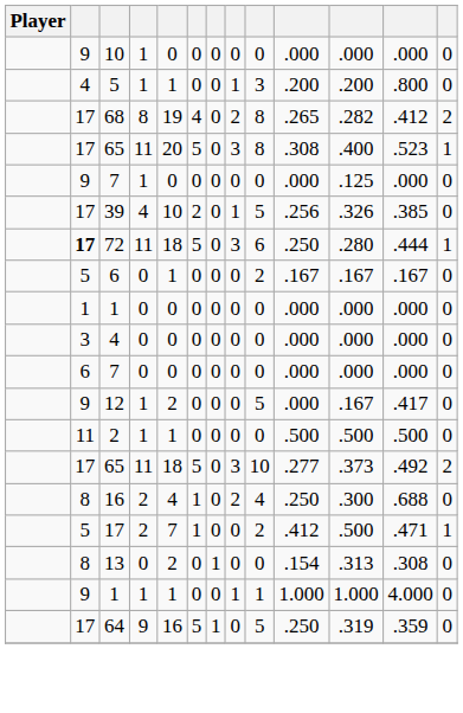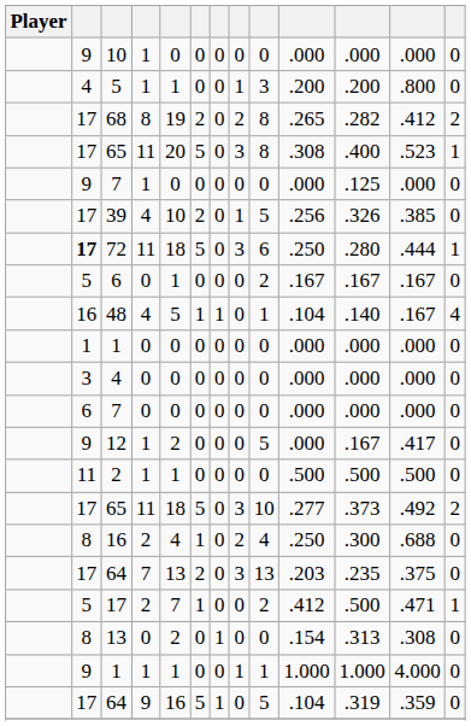 <table class="wikitable sortable" style="text-align:center;">
 <tr>
 <th>Player</th>
 <th></th>
 <th></th>
 <th></th>
 <th></th>
 <th></th>
 <th></th>
 <th></th>
 <th></th>
 <th></th>
 <th></th>
 <th></th>
 <th></th>
 </tr>
 <tr>
 <td align="left"></td>
 <td>9</td>
 <td>10</td>
 <td>1</td>
 <td>0</td>
 <td>0</td>
 <td>0</td>
 <td>0</td>
 <td>0</td>
 <td>.000</td>
 <td>.000</td>
 <td>.000</td>
 <td>0</td>
 </tr>
 <tr>
 <td align="left"></td>
 <td>4</td>
 <td>5</td>
 <td>1</td>
 <td>1</td>
 <td>0</td>
 <td>0</td>
 <td>1</td>
 <td>3</td>
 <td>.200</td>
 <td>.200</td>
 <td>.800</td>
 <td>0</td>
 </tr>
 <tr>
 <td align="left"></td>
 <td>17</td>
 <td>68</td>
 <td>8</td>
 <td>19</td>
-<td>4</td>
+<td>2</td>
 <td>0</td>
 <td>2</td>
 <td>8</td>
 <td>.265</td>
 <td>.282</td>
 <td>.412</td>
 <td>2</td>
 </tr>
 <tr>
 <td align="left"></td>
 <td>17</td>
 <td>65</td>
 <td>11</td>
 <td>20</td>
 <td>5</td>
 <td>0</td>
 <td>3</td>
 <td>8</td>
 <td>.308</td>
 <td>.400</td>
 <td>.523</td>
 <td>1</td>
 </tr>
 <tr>
 <td align="left"></td>
 <td>9</td>
 <td>7</td>
 <td>1</td>
 <td>0</td>
 <td>0</td>
 <td>0</td>
 <td>0</td>
 <td>0</td>
 <td>.000</td>
 <td>.125</td>
 <td>.000</td>
 <td>0</td>
 </tr>
 <tr>
 <td align="left"></td>
 <td>17</td>
 <td>39</td>
 <td>4</td>
 <td>10</td>
 <td>2</td>
 <td>0</td>
 <td>1</td>
 <td>5</td>
 <td>.256</td>
 <td>.326</td>
 <td>.385</td>
 <td>0</td>
 </tr>
 <tr>
 <td align="left"></td>
 <td><strong>17</strong></td>
 <td>72</td>
 <td>11</td>
 <td>18</td>
 <td>5</td>
 <td>0</td>
 <td>3</td>
 <td>6</td>
 <td>.250</td>
 <td>.280</td>
 <td>.444</td>
 <td>1</td>
 </tr>
 <tr>
 <td align="left"></td>
 <td>5</td>
 <td>6</td>
 <td>0</td>
 <td>1</td>
 <td>0</td>
 <td>0</td>
 <td>0</td>
 <td>2</td>
 <td>.167</td>
 <td>.167</td>
 <td>.167</td>
 <td>0</td>
+</tr>
+<tr>
+<td align="left"></td>
+<td>16</td>
+<td>48</td>
+<td>4</td>
+<td>5</td>
+<td>1</td>
+<td>1</td>
+<td>0</td>
+<td>1</td>
+<td>.104</td>
+<td>.140</td>
+<td>.167</td>
+<td>4</td>
 </tr>
 <tr>
 <td align="left"></td>
 <td>1</td>
 <td>1</td>
 <td>0</td>
 <td>0</td>
 <td>0</td>
 <td>0</td>
 <td>0</td>
 <td>0</td>
 <td>.000</td>
 <td>.000</td>
 <td>.000</td>
 <td>0</td>
 </tr>
 <tr>
 <td align="left"></td>
 <td>3</td>
 <td>4</td>
 <td>0</td>
 <td>0</td>
 <td>0</td>
 <td>0</td>
 <td>0</td>
 <td>0</td>
 <td>.000</td>
 <td>.000</td>
 <td>.000</td>
 <td>0</td>
 </tr>
 <tr>
 <td align="left"></td>
 <td>6</td>
 <td>7</td>
 <td>0</td>
 <td>0</td>
 <td>0</td>
 <td>0</td>
 <td>0</td>
 <td>0</td>
 <td>.000</td>
 <td>.000</td>
 <td>.000</td>
 <td>0</td>
 </tr>
 <tr>
 <td align="left"></td>
 <td>9</td>
 <td>12</td>
 <td>1</td>
 <td>2</td>
 <td>0</td>
 <td>0</td>
 <td>0</td>
 <td>5</td>
 <td>.000</td>
 <td>.167</td>
 <td>.417</td>
 <td>0</td>
 </tr>
 <tr>
 <td align="left"></td>
 <td>11</td>
 <td>2</td>
 <td>1</td>
 <td>1</td>
 <td>0</td>
 <td>0</td>
 <td>0</td>
 <td>0</td>
 <td>.500</td>
 <td>.500</td>
 <td>.500</td>
 <td>0</td>
 </tr>
 <tr>
 <td align="left"></td>
 <td>17</td>
 <td>65</td>
 <td>11</td>
 <td>18</td>
 <td>5</td>
 <td>0</td>
 <td>3</td>
 <td>10</td>
 <td>.277</td>
 <td>.373</td>
 <td>.492</td>
 <td>2</td>
 </tr>
 <tr>
 <td align="left"></td>
 <td>8</td>
 <td>16</td>
 <td>2</td>
 <td>4</td>
 <td>1</td>
 <td>0</td>
 <td>2</td>
 <td>4</td>
 <td>.250</td>
 <td>.300</td>
 <td>.688</td>
 <td>0</td>
 </tr>
 <tr>
 <td align="left"></td>
+<td>17</td>
+<td>64</td>
+<td>7</td>
+<td>13</td>
+<td>2</td>
+<td>0</td>
+<td>3</td>
+<td>13</td>
+<td>.203</td>
+<td>.235</td>
+<td>.375</td>
+<td>0</td>
+</tr>
+<tr>
+<td align="left"></td>
 <td>5</td>
 <td>17</td>
 <td>2</td>
 <td>7</td>
 <td>1</td>
 <td>0</td>
 <td>0</td>
 <td>2</td>
 <td>.412</td>
 <td>.500</td>
 <td>.471</td>
 <td>1</td>
 </tr>
 <tr>
 <td align="left"></td>
 <td>8</td>
 <td>13</td>
 <td>0</td>
 <td>2</td>
 <td>0</td>
 <td>1</td>
 <td>0</td>
 <td>0</td>
 <td>.154</td>
 <td>.313</td>
 <td>.308</td>
 <td>0</td>
 </tr>
 <tr>
 <td align="left"></td>
 <td>9</td>
 <td>1</td>
 <td>1</td>
 <td>1</td>
 <td>0</td>
 <td>0</td>
 <td>1</td>
 <td>1</td>
 <td>1.000</td>
 <td>1.000</td>
 <td>4.000</td>
 <td>0</td>
 </tr>
 <tr>
 <td align="left"></td>
 <td>17</td>
 <td>64</td>
 <td>9</td>
 <td>16</td>
 <td>5</td>
 <td>1</td>
 <td>0</td>
 <td>5</td>
-<td>.250</td>
+<td>.104</td>
 <td>.319</td>
 <td>.359</td>
 <td>0</td>
 </tr>
 <tr>
 </tr>
 <tr class="sortbottom" |}>
 </tr>
 </table>
